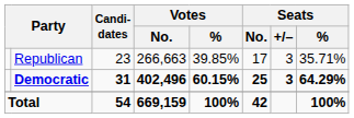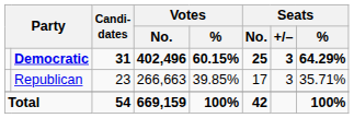 <table class="wikitable" style="font-size:100%; text-align:right;">
 <tr>
 <th colspan=2 rowspan=2>Party</th>
 <th rowspan=2><small>Candi-<br>dates</small></th>
 <th colspan=2>Votes</th>
 <th colspan=3>Seats</th>
 </tr>
 <tr>
 <th>No.</th>
 <th>%</th>
 <th>No.</th>
 <th>+/–</th>
 <th>%</th>
 </tr>
 <tr>
 <td style="background:"></td>
+<td align=left><strong><a href='#'>Democratic</a></strong></td>
+<td><strong>31</strong></td>
+<td><strong>402,496</strong></td>
+<td><strong>60.15%</strong></td>
+<td><strong>25</strong></td>
+<td><strong>3</strong></td>
+<td><strong>64.29%</strong></td>
+</tr>
+<tr>
+<td style="background:"></td>
 <td align=left><a href='#'>Republican</a></td>
 <td>23</td>
 <td>266,663</td>
 <td>39.85%</td>
 <td>17</td>
 <td>3</td>
 <td>35.71%</td>
-</tr>
-<tr>
-<td style="background:"></td>
-<td align=left><strong><a href='#'>Democratic</a></strong></td>
-<td><strong>31</strong></td>
-<td><strong>402,496</strong></td>
-<td><strong>60.15%</strong></td>
-<td><strong>25</strong></td>
-<td><strong>3</strong></td>
-<td><strong>64.29%</strong></td>
 </tr>
 <tr>
 </tr>
 <tr style="font-weight:bold">
 <td colspan=2 align=left>Total</td>
 <td>54</td>
 <td>669,159</td>
 <td>100%</td>
 <td>42</td>
 <td></td>
 <td>100%</td>
 </tr>
 </table>
